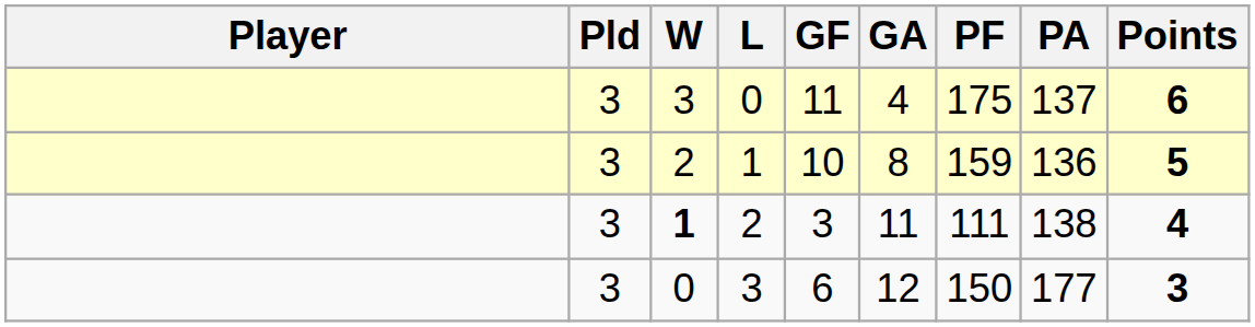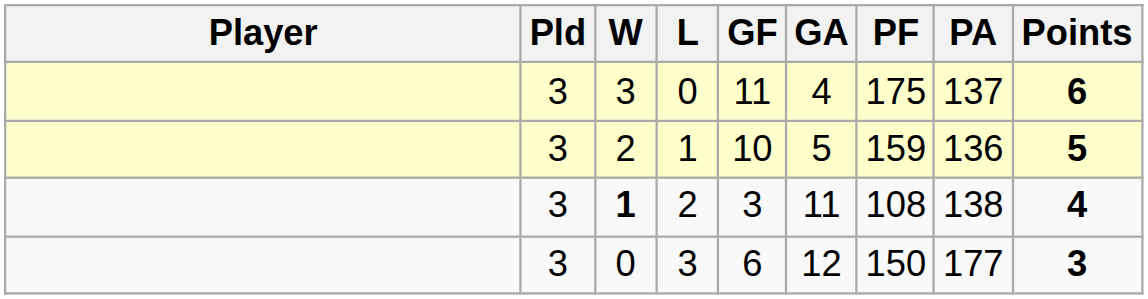 <table class=wikitable style="text-align:center">
 <tr>
 <th width=220>Player</th>
 <th width=20>Pld</th>
 <th width=20>W</th>
 <th width=20>L</th>
 <th width=20>GF</th>
 <th width=20>GA</th>
 <th width=20>PF</th>
 <th width=20>PA</th>
 <th width=50>Points</th>
 </tr>
 <tr bgcolor=#ffffcc>
 <td align=left></td>
 <td>3</td>
 <td>3</td>
 <td>0</td>
 <td>11</td>
 <td>4</td>
 <td>175</td>
 <td>137</td>
 <td><strong>6</strong></td>
 </tr>
 <tr bgcolor=#ffffcc>
 <td align=left></td>
 <td>3</td>
 <td>2</td>
 <td>1</td>
 <td>10</td>
-<td>8</td>
+<td>5</td>
 <td>159</td>
 <td>136</td>
 <td><strong>5</strong></td>
 </tr>
 <tr>
 <td align=left></td>
 <td>3</td>
 <td><strong>1</strong></td>
 <td>2</td>
 <td>3</td>
 <td>11</td>
-<td>111</td>
+<td>108</td>
 <td>138</td>
 <td><strong>4</strong></td>
 </tr>
 <tr>
 <td align=left></td>
 <td>3</td>
 <td>0</td>
 <td>3</td>
 <td>6</td>
 <td>12</td>
 <td>150</td>
 <td>177</td>
 <td><strong>3</strong></td>
 </tr>
 </table>
